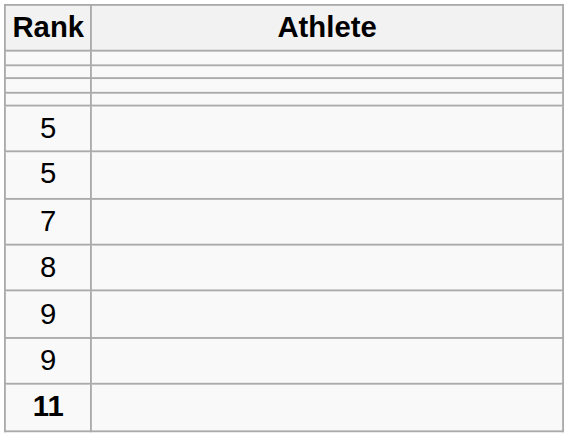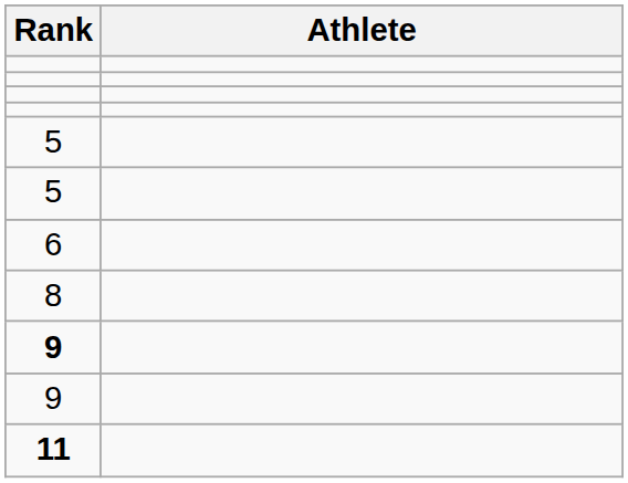 <table class="wikitable" style="text-align: center;">
 <tr>
 <th width=40>Rank</th>
 <th width=250>Athlete</th>
 </tr>
 <tr>
 <td></td>
 <td align=left></td>
 </tr>
 <tr>
 <td></td>
 <td align=left></td>
 </tr>
 <tr>
 <td></td>
 <td align=left></td>
 </tr>
 <tr>
 <td></td>
 <td align=left></td>
 </tr>
 <tr>
 <td>5</td>
 <td align=left></td>
 </tr>
 <tr>
 <td>5</td>
 <td align=left></td>
 </tr>
 <tr>
-<td>7</td>
+<td>6</td>
 <td align=left></td>
 </tr>
 <tr>
 <td>8</td>
 <td align=left></td>
 </tr>
 <tr>
-<td>9</td>
+<td><strong>9</strong></td>
 <td align=left></td>
 </tr>
 <tr>
 <td>9</td>
 <td align=left></td>
 </tr>
 <tr>
 <td><strong>11</strong></td>
 <td align=left></td>
 </tr>
 </table>
